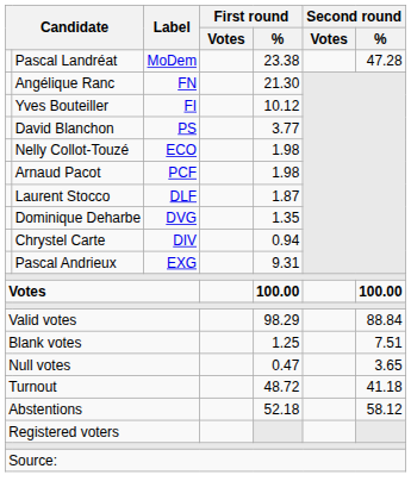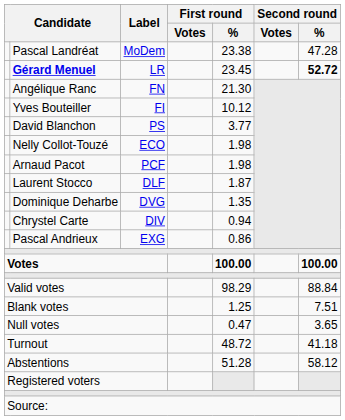 <table class="wikitable" style="text-align:right;font-size:95%;">
 <tr>
 <th colspan="2" rowspan="2">Candidate</th>
 <th rowspan="2">Label</th>
 <th colspan="2">First round</th>
 <th colspan="2">Second round</th>
 </tr>
 <tr>
 <th style="width:50px;">Votes</th>
 <th style="width:45px;">%</th>
 <th style="width:50px;">Votes</th>
 <th style="width:45px;">%</th>
 </tr>
 <tr>
 <td style="color:inherit;background:"></td>
 <td style="text-align:left;">Pascal Landréat</td>
 <td><a href='#'>MoDem</a></td>
 <td></td>
 <td>23.38</td>
 <td></td>
 <td>47.28</td>
+</tr>
+<tr>
+<td style="color:inherit;background:"></td>
+<td style="text-align:left;"><strong><a href='#'>Gérard Menuel</a></strong></td>
+<td><a href='#'>LR</a></td>
+<td></td>
+<td>23.45</td>
+<td><strong></strong></td>
+<td><strong>52.72</strong></td>
 </tr>
 <tr>
 <td style="color:inherit;background:"></td>
 <td style="text-align:left;">Angélique Ranc</td>
 <td><a href='#'>FN</a></td>
 <td></td>
 <td>21.30</td>
 <td colspan="2" rowspan="9" style="background:#E9E9E9;"></td>
 </tr>
 <tr>
 <td style="color:inherit;background:"></td>
 <td style="text-align:left;">Yves Bouteiller</td>
 <td><a href='#'>FI</a></td>
 <td></td>
 <td>10.12</td>
 </tr>
 <tr>
 <td style="color:inherit;background:"></td>
 <td style="text-align:left;">David Blanchon</td>
 <td><a href='#'>PS</a></td>
 <td></td>
 <td>3.77</td>
 </tr>
 <tr>
 <td style="color:inherit;background:"></td>
 <td style="text-align:left;">Nelly Collot-Touzé</td>
 <td><a href='#'>ECO</a></td>
 <td></td>
 <td>1.98</td>
 </tr>
 <tr>
 <td style="color:inherit;background:"></td>
 <td style="text-align:left;">Arnaud Pacot</td>
 <td><a href='#'>PCF</a></td>
 <td></td>
 <td>1.98</td>
 </tr>
 <tr>
 <td style="color:inherit;background:"></td>
 <td style="text-align:left;">Laurent Stocco</td>
 <td><a href='#'>DLF</a></td>
 <td></td>
 <td>1.87</td>
 </tr>
 <tr>
 <td style="color:inherit;background:"></td>
 <td style="text-align:left;">Dominique Deharbe</td>
 <td><a href='#'>DVG</a></td>
 <td></td>
 <td>1.35</td>
 </tr>
 <tr>
 <td style="color:inherit;background:"></td>
 <td style="text-align:left;">Chrystel Carte</td>
 <td><a href='#'>DIV</a></td>
 <td></td>
 <td>0.94</td>
 </tr>
 <tr>
 <td style="color:inherit;background:"></td>
 <td style="text-align:left;">Pascal Andrieux</td>
 <td><a href='#'>EXG</a></td>
 <td></td>
-<td>9.31</td>
+<td>0.86</td>
 </tr>
 <tr>
 <td colspan="7" style="background:#E9E9E9;"></td>
 </tr>
 <tr style="font-weight:bold;">
 <td colspan="3" style="text-align:left;">Votes</td>
 <td></td>
 <td>100.00</td>
 <td></td>
 <td>100.00</td>
 </tr>
 <tr>
 <td colspan="7" style="background:#E9E9E9;"></td>
 </tr>
 <tr>
 <td colspan="3" style="text-align:left;">Valid votes</td>
 <td></td>
 <td>98.29</td>
 <td></td>
 <td>88.84</td>
 </tr>
 <tr>
 <td colspan="3" style="text-align:left;">Blank votes</td>
 <td></td>
 <td>1.25</td>
 <td></td>
 <td>7.51</td>
 </tr>
 <tr>
 <td colspan="3" style="text-align:left;">Null votes</td>
 <td></td>
 <td>0.47</td>
 <td></td>
 <td>3.65</td>
 </tr>
 <tr>
 <td colspan="3" style="text-align:left;">Turnout</td>
 <td></td>
 <td>48.72</td>
 <td></td>
 <td>41.18</td>
 </tr>
 <tr>
 <td colspan="3" style="text-align:left;">Abstentions</td>
 <td></td>
-<td>52.18</td>
+<td>51.28</td>
 <td></td>
 <td>58.12</td>
 </tr>
 <tr>
 <td colspan="3" style="text-align:left;">Registered voters</td>
 <td></td>
 <td style="background:#E9E9E9;"></td>
 <td></td>
 <td style="background:#E9E9E9;"></td>
 </tr>
 <tr>
 <td colspan="7" style="background:#E9E9E9;"></td>
 </tr>
 <tr>
 <td colspan="7" style="text-align:left;">Source: </td>
 </tr>
 </table>
